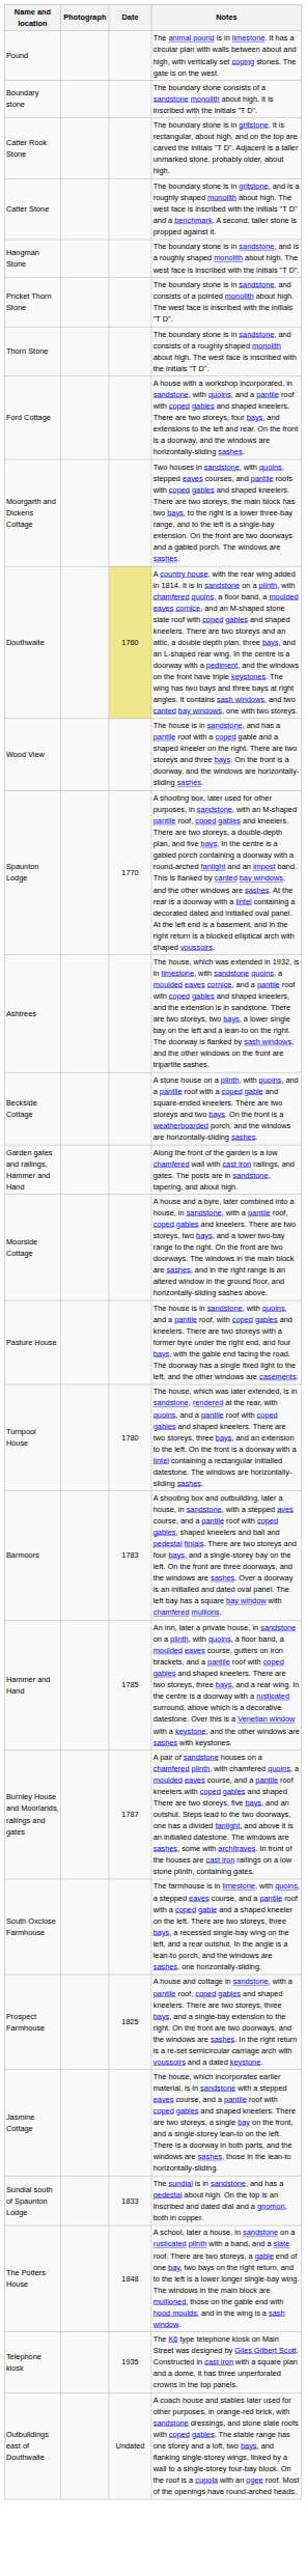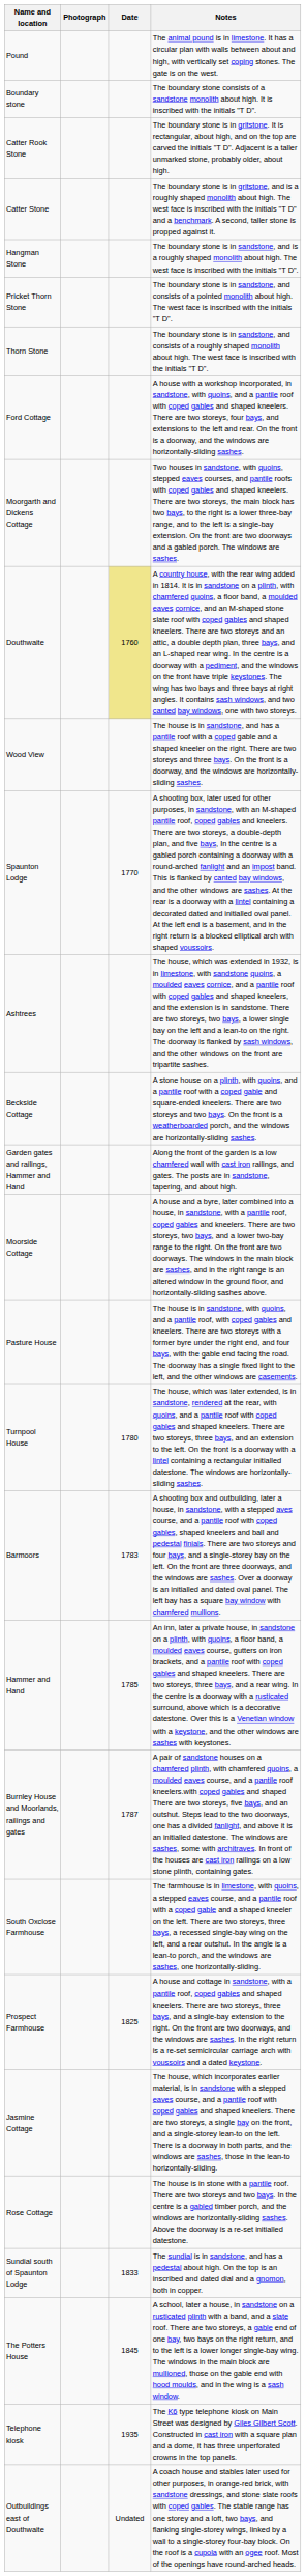 <table class="wikitable sortable plainrowheaders" style="width:100%;border:0px;text-align:left;line-height:150%;">
 <tr>
 <th scope="col"  style="width:150px">Name and location</th>
 <th scope="col"  style="width:100px" class="unsortable">Photograph</th>
 <th scope="col"  style="width:120px">Date</th>
 <th scope="col"  style="width:650px" class="unsortable">Notes</th>
 </tr>
 <tr>
 <td>Pound<br><small></small></td>
 <td></td>
 <td align="center"></td>
 <td>The <a href='#'>animal pound</a> is in <a href='#'>limestone</a>. It has a circular plan with walls between about  and  high, with vertically set <a href='#'>coping</a> stones. The gate is on the west.</td>
 </tr>
 <tr>
 <td>Boundary stone<br><small></small></td>
 <td></td>
 <td align="center"></td>
 <td>The boundary stone consists of a <a href='#'>sandstone</a> <a href='#'>monolith</a> about  high.  It is inscribed with the initials "T D".</td>
 </tr>
 <tr>
 <td>Catter Rook Stone<br><small></small></td>
 <td></td>
 <td align="center"></td>
 <td>The boundary stone is in <a href='#'>gritstone</a>. It is rectangular, about high, and on the top are carved the initials "T D". Adjacent is a taller unmarked stone, probably older, about  high.</td>
 </tr>
 <tr>
 <td>Catter Stone<br><small></small></td>
 <td></td>
 <td align="center"></td>
 <td>The boundary stone is in <a href='#'>gritstone</a>, and is a roughly shaped <a href='#'>monolith</a> about  high. The west face is inscribed with the initials "T D" and a <a href='#'>benchmark</a>. A second, taller stone is propped against it.</td>
 </tr>
 <tr>
 <td>Hangman Stone<br><small></small></td>
 <td></td>
 <td align="center"></td>
 <td>The boundary stone is in <a href='#'>sandstone</a>, and is a roughly shaped <a href='#'>monolith</a> about  high. The west face is inscribed with the initials "T D".</td>
 </tr>
 <tr>
 <td>Pricket Thorn Stone<br><small></small></td>
 <td></td>
 <td align="center"></td>
 <td>The boundary stone is in <a href='#'>sandstone</a>, and consists of a pointed <a href='#'>monolith</a> about  high. The west face is inscribed with the initials "T D".</td>
 </tr>
 <tr>
 <td>Thorn Stone<br><small></small></td>
 <td></td>
 <td align="center"></td>
 <td>The boundary stone is in <a href='#'>sandstone</a>, and consists of a roughly shaped <a href='#'>monolith</a> about  high. The west face is inscribed with the initials "T D".</td>
 </tr>
 <tr>
 <td>Ford Cottage<br><small></small></td>
 <td></td>
 <td align="center"></td>
 <td>A house with a workshop incorporated, in <a href='#'>sandstone</a>, with <a href='#'>quoins</a>, and a <a href='#'>pantile</a> roof with <a href='#'>coped</a> <a href='#'>gables</a> and shaped kneelers. There are two storeys, four <a href='#'>bays</a>, and extensions to the left and rear. On the front is a doorway, and the windows are horizontally-sliding <a href='#'>sashes</a>.</td>
 </tr>
 <tr>
 <td>Moorgarth and Dickens Cottage<br><small></small></td>
 <td></td>
 <td align="center"></td>
 <td>Two houses in <a href='#'>sandstone</a>, with <a href='#'>quoins</a>, stepped <a href='#'>eaves</a> courses, and <a href='#'>pantile</a> roofs with <a href='#'>coped</a> <a href='#'>gables</a> and shaped kneelers. There are two storeys, the main block has two <a href='#'>bays</a>, to the right is a lower three-bay range, and to the left is a single-bay extension. On the front are two doorways and a gabled porch. The windows are <a href='#'>sashes</a>.</td>
 </tr>
 <tr>
 <td>Douthwaite<br><small></small></td>
 <td></td>
 <td align="center" style="background: khaki;">1760</td>
 <td>A <a href='#'>country house</a>, with the rear wing added in 1814. It is in <a href='#'>sandstone</a> on a <a href='#'>plinth</a>, with <a href='#'>chamfered</a> <a href='#'>quoins</a>, a floor band, a <a href='#'>moulded</a> <a href='#'>eaves</a> <a href='#'>cornice</a>, and an M-shaped stone slate roof with <a href='#'>coped</a> <a href='#'>gables</a> and shaped kneelers. There are two storeys and an attic, a double depth plan, three <a href='#'>bays</a>, and an L-shaped rear wing. In the centre is a doorway with a <a href='#'>pediment</a>, and the windows on the front have triple <a href='#'>keystones</a>. The wing has two bays and three bays at right angles. It contains <a href='#'>sash windows</a>, and two <a href='#'>canted</a> <a href='#'>bay windows</a>, one with two storeys.</td>
 </tr>
 <tr>
 <td>Wood View<br><small></small></td>
 <td></td>
 <td align="center"></td>
 <td>The house is in <a href='#'>sandstone</a>, and has a <a href='#'>pantile</a> roof with a <a href='#'>coped</a> gable and a shaped kneeler on the right. There are two storeys and three <a href='#'>bays</a>. On the front is a doorway, and the windows are horizontally-sliding <a href='#'>sashes</a>.</td>
 </tr>
 <tr>
 <td>Spaunton Lodge<br><small></small></td>
 <td></td>
 <td align="center">1770</td>
 <td>A shooting box, later used for other purposes, in <a href='#'>sandstone</a>, with an M-shaped <a href='#'>pantile</a> roof, <a href='#'>coped</a> <a href='#'>gables</a> and kneelers. There are two storeys, a double-depth plan, and five <a href='#'>bays</a>, In the centre is a gabled porch containing a doorway with a round-arched <a href='#'>fanlight</a> and an <a href='#'>impost</a> band. This is flanked by <a href='#'>canted</a> <a href='#'>bay windows</a>, and the other windows are <a href='#'>sashes</a>. At the rear is a doorway with a <a href='#'>lintel</a> containing a decorated dated and initialled oval panel. At the left end is a basement, and in the right return is a blocked elliptical arch with shaped <a href='#'>voussoirs</a>.</td>
 </tr>
 <tr>
 <td>Ashtrees<br><small></small></td>
 <td></td>
 <td align="center"></td>
 <td>The house, which was extended in 1932, is in <a href='#'>limestone</a>, with <a href='#'>sandstone</a> <a href='#'>quoins</a>, a <a href='#'>moulded</a> <a href='#'>eaves</a> <a href='#'>cornice</a>, and a <a href='#'>pantile</a> roof with <a href='#'>coped</a> <a href='#'>gables</a> and shaped kneelers, and the extension is in sandstone. There are two storeys, two <a href='#'>bays</a>, a lower single bay on the left and a lean-to on the right. The doorway is flanked by <a href='#'>sash windows</a>, and the other windows on the front are tripartite sashes.</td>
 </tr>
 <tr>
 <td>Beckside Cottage<br><small></small></td>
 <td></td>
 <td align="center"></td>
 <td>A stone house on a <a href='#'>plinth</a>, with <a href='#'>quoins</a>, and a <a href='#'>pantile</a> roof with a <a href='#'>coped</a> <a href='#'>gable</a> and square-ended kneelers. There are two storeys and two <a href='#'>bays</a>. On the front is a <a href='#'>weatherboarded</a> porch, and the windows are horizontally-sliding <a href='#'>sashes</a>.</td>
 </tr>
 <tr>
 <td>Garden gates and railings,<br>Hammer and Hand<br><small></small></td>
 <td></td>
 <td align="center"></td>
 <td>Along the front of the garden is a low <a href='#'>chamfered</a> wall with <a href='#'>cast iron</a> railings, and gates. The posts are in <a href='#'>sandstone</a>, tapering, and about  high.</td>
 </tr>
 <tr>
 <td>Moorside Cottage<br><small></small></td>
 <td></td>
 <td align="center"></td>
 <td>A house and a byre, later combined into a house, in <a href='#'>sandstone</a>, with a <a href='#'>pantile</a> roof, <a href='#'>coped</a> <a href='#'>gables</a> and kneelers. There are two storeys, two <a href='#'>bays</a>, and a lower two-bay range to the right. On the front are two doorways. The windows in the main block are <a href='#'>sashes</a>, and in the right range is an altered window in the ground floor, and horizontally-sliding sashes above.</td>
 </tr>
 <tr>
 <td>Pasture House<br><small></small></td>
 <td></td>
 <td align="center"></td>
 <td>The house is in <a href='#'>sandstone</a>, with <a href='#'>quoins</a>, and a <a href='#'>pantile</a> roof, with <a href='#'>coped</a> <a href='#'>gables</a> and kneelers. There are two storeys with a former byre under the right end, and four <a href='#'>bays</a>, with the gable end facing the road. The doorway has a single fixed light to the left, and the other windows are <a href='#'>casements</a>.</td>
 </tr>
 <tr>
 <td>Turnpool House<br><small></small></td>
 <td></td>
 <td align="center">1780</td>
 <td>The house, which was later extended, is in <a href='#'>sandstone</a>, <a href='#'>rendered</a> at the rear, with <a href='#'>quoins</a>, and a <a href='#'>pantile</a> roof with <a href='#'>coped</a> <a href='#'>gables</a> and shaped kneelers. There are two storeys, three <a href='#'>bays</a>, and an extension to the left. On the front is a doorway with a <a href='#'>lintel</a> containing a rectangular initialled datestone. The windows are horizontally-sliding <a href='#'>sashes</a>.</td>
 </tr>
 <tr>
 <td>Barmoors<br><small></small></td>
 <td></td>
 <td align="center">1783</td>
 <td>A shooting box and outbuilding, later a house, in <a href='#'>sandstone</a>, with a stepped <a href='#'>aves</a> course, and a <a href='#'>pantile</a> roof with <a href='#'>coped</a> <a href='#'>gables</a>, shaped kneelers and ball and <a href='#'>pedestal</a> <a href='#'>finials</a>. There are two storeys and four <a href='#'>bays</a>, and a single-storey bay on the left. On the front are three doorways, and the windows are <a href='#'>sashes</a>. Over a doorway is an initialled and dated oval panel. The left bay has a square <a href='#'>bay window</a> with <a href='#'>chamfered</a>  <a href='#'>mullions</a>.</td>
 </tr>
 <tr>
 <td>Hammer and Hand<br><small></small></td>
 <td></td>
 <td align="center">1785</td>
 <td>An inn, later a private house, in <a href='#'>sandstone</a> on a <a href='#'>plinth</a>, with <a href='#'>quoins</a>, a floor band, a <a href='#'>moulded</a> <a href='#'>eaves</a> course, gutters on iron brackets, and a <a href='#'>pantile</a> roof with <a href='#'>coped</a> <a href='#'>gables</a> and shaped kneelers. There are two storeys, three <a href='#'>bays</a>, and a rear wing. In the centre is a doorway with a <a href='#'>rusticated</a> surround, above which is a decorative datestone. Over this is a <a href='#'>Venetian window</a> with a <a href='#'>keystone</a>, and the other windows are <a href='#'>sashes</a> with keystones.</td>
 </tr>
 <tr>
 <td>Burnley House and Moorlands, railings and gates<br><small></small></td>
 <td></td>
 <td align="center">1787</td>
 <td>A pair of <a href='#'>sandstone</a> houses on a <a href='#'>chamfered</a> <a href='#'>plinth</a>, with chamfered <a href='#'>quoins</a>, a <a href='#'>moulded</a> <a href='#'>eaves</a> course, and a <a href='#'>pantile</a> roof kneelers.with <a href='#'>coped</a> <a href='#'>gables</a> and shaped  There are two storeys, five <a href='#'>bays</a>, and an outshut. Steps lead to the two doorways, one has a divided <a href='#'>fanlight</a>, and above it is an initialled datestone. The windows are <a href='#'>sashes</a>, some with <a href='#'>architraves</a>. In front of the houses are <a href='#'>cast iron</a> railings on a low stone plinth, containing gates.</td>
 </tr>
 <tr>
 <td>South Oxclose Farmhouse<br><small></small></td>
 <td></td>
 <td align="center"></td>
 <td>The farmhouse is in <a href='#'>limestone</a>, with <a href='#'>quoins</a>, a stepped <a href='#'>eaves</a> course, and a <a href='#'>pantile</a> roof with a <a href='#'>coped</a> <a href='#'>gable</a> and a shaped kneeler on the left. There are two storeys, three <a href='#'>bays</a>, a recessed single-bay wing on the left, and a rear outshut. In the angle is a lean-to porch, and the windows are <a href='#'>sashes</a>, one horizontally-sliding.</td>
 </tr>
 <tr>
 <td>Prospect Farmhouse<br><small></small></td>
 <td></td>
 <td align="center">1825</td>
 <td>A house and cottage in <a href='#'>sandstone</a>, with a <a href='#'>pantile</a> roof, <a href='#'>coped</a> <a href='#'>gables</a> and shaped kneelers. There are two storeys, three <a href='#'>bays</a>, and a single-bay extension to the right. On the front are two doorways, and the windows are <a href='#'>sashes</a>. In the right return is a re-set semicircular carriage arch with <a href='#'>voussoirs</a> and a dated <a href='#'>keystone</a>.</td>
 </tr>
 <tr>
 <td>Jasmine Cottage<br><small></small></td>
 <td></td>
 <td align="center"></td>
 <td>The house, which incorporates earlier material, is in <a href='#'>sandstone</a> with a stepped <a href='#'>eaves</a> course, and a <a href='#'>pantile</a> roof with <a href='#'>coped</a> <a href='#'>gables</a> and shaped kneelers. There are two storeys, a single <a href='#'>bay</a> on the front, and a single-storey lean-to on the left. There is a doorway in both parts, and the windows are <a href='#'>sashes</a>, those in the lean-to horizontally-sliding.</td>
 </tr>
 <tr>
+<td>Rose Cottage<br><small></small></td>
+<td></td>
+<td align="center"></td>
+<td>The house is in stone with a <a href='#'>pantile</a> roof. There are two storeys and two <a href='#'>bays</a>. In the centre is a <a href='#'>gabled</a> timber porch, and the windows are horizontally-sliding <a href='#'>sashes</a>. Above the doorway is a re-set initialled datestone.</td>
+</tr>
+<tr>
 <td>Sundial south of Spaunton Lodge<br><small></small></td>
 <td></td>
 <td align="center">1833</td>
 <td>The <a href='#'>sundial</a> is in <a href='#'>sandstone</a>, and has a <a href='#'>pedestal</a> about  high. On the top is an inscribed and dated dial and a <a href='#'>gnomon</a>, both in copper. </td>
 </tr>
 <tr>
 <td>The Potters House<br><small></small></td>
 <td></td>
-<td align="center">1848</td>
+<td align="center">1845</td>
 <td>A school, later a house, in <a href='#'>sandstone</a> on a <a href='#'>rusticated</a> <a href='#'>plinth</a> with a band, and a <a href='#'>slate</a> roof. There are two storeys, a <a href='#'>gable</a> end of one <a href='#'>bay</a>, two bays on the right return, and to the left is a lower longer single-bay wing. The windows in the main block are <a href='#'>mullioned</a>, those on the gable end with <a href='#'>hood moulds</a>, and in the wing is a <a href='#'>sash window</a>.</td>
 </tr>
 <tr>
 <td>Telephone kiosk<br><small></small></td>
 <td></td>
 <td align="center">1935</td>
 <td>The <a href='#'>K6</a> type telephone kiosk on Main Street was designed by <a href='#'>Giles Gilbert Scott</a>.  Constructed in <a href='#'>cast iron</a> with a square plan and a dome, it has three unperforated crowns in the top panels.</td>
 </tr>
 <tr>
 <td>Outbuildings east of Douthwaite<br><small></small></td>
 <td></td>
 <td align="center">Undated</td>
 <td>A coach house and stables later used for other purposes, in orange-red brick, with <a href='#'>sandstone</a> dressings, and stone slate roofs with <a href='#'>coped</a> <a href='#'>gables</a>. The stable range has one storey and a loft, two <a href='#'>bays</a>, and flanking single-storey wings, linked by a wall to a single-storey four-bay block. On the roof is a <a href='#'>cupola</a> with an <a href='#'>ogee</a> roof.  Most of the openings have round-arched heads.</td>
 </tr>
 <tr>
 </tr>
 </table>
